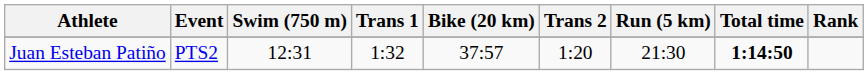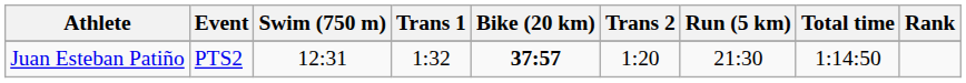 <table class=wikitable style=font-size:90%;text-align:center>
 <tr>
 <th>Athlete</th>
 <th>Event</th>
 <th>Swim (750 m)</th>
 <th>Trans 1</th>
 <th>Bike (20 km)</th>
 <th>Trans 2</th>
 <th>Run (5 km)</th>
 <th>Total time</th>
 <th>Rank</th>
 </tr>
 <tr>
 </tr>
 <tr style="text-align:center">
 <td style="text-align:left"><a href='#'>Juan Esteban Patiño</a></td>
 <td style="text-align:left"><a href='#'>PTS2</a></td>
 <td>12:31</td>
 <td>1:32</td>
-<td>37:57</td>
+<td><strong>37:57</strong></td>
 <td>1:20</td>
 <td>21:30</td>
-<td><strong>1:14:50</strong></td>
+<td>1:14:50</td>
 <td><strong></strong></td>
 </tr>
 </table>
